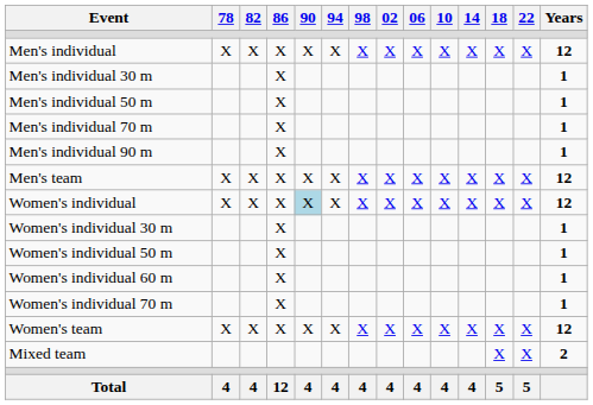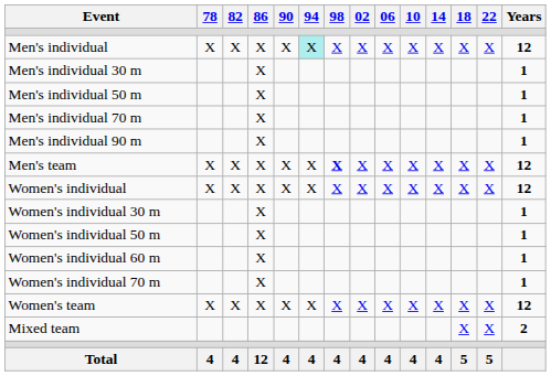 <table class=wikitable style="text-align:center">
 <tr>
 <th width="200">Event</th>
 <th width=20><a href='#'>78</a></th>
 <th width=20><a href='#'>82</a></th>
 <th width=20><a href='#'>86</a></th>
 <th width=20><a href='#'>90</a></th>
 <th width=20><a href='#'>94</a></th>
 <th width=20><a href='#'>98</a></th>
 <th width=20><a href='#'>02</a></th>
 <th width=20><a href='#'>06</a></th>
 <th width=20><a href='#'>10</a></th>
 <th width=20><a href='#'>14</a></th>
 <th width=20><a href='#'>18</a></th>
 <th width=20><a href='#'>22</a></th>
 <th width=40>Years</th>
 </tr>
 <tr bgcolor=#DDDDDD>
 <td colspan=14></td>
 </tr>
 <tr>
 <td align=left>Men's individual</td>
 <td>X</td>
 <td>X</td>
 <td>X</td>
 <td>X</td>
-<td>X</td>
+<td style="background: paleturquoise;">X</td>
 <td><a href='#'>X</a></td>
 <td><a href='#'>X</a></td>
 <td><a href='#'>X</a></td>
 <td><a href='#'>X</a></td>
 <td><a href='#'>X</a></td>
 <td><a href='#'>X</a></td>
 <td><a href='#'>X</a></td>
 <td><strong>12</strong></td>
 </tr>
 <tr>
 <td align=left>Men's individual 30 m</td>
 <td></td>
 <td></td>
 <td>X</td>
 <td></td>
 <td></td>
 <td></td>
 <td></td>
 <td></td>
 <td></td>
 <td></td>
 <td></td>
 <td></td>
 <td><strong>1</strong></td>
 </tr>
 <tr>
 <td align=left>Men's individual 50 m</td>
 <td></td>
 <td></td>
 <td>X</td>
 <td></td>
 <td></td>
 <td></td>
 <td></td>
 <td></td>
 <td></td>
 <td></td>
 <td></td>
 <td></td>
 <td><strong>1</strong></td>
 </tr>
 <tr>
 <td align=left>Men's individual 70 m</td>
 <td></td>
 <td></td>
 <td>X</td>
 <td></td>
 <td></td>
 <td></td>
 <td></td>
 <td></td>
 <td></td>
 <td></td>
 <td></td>
 <td></td>
 <td><strong>1</strong></td>
 </tr>
 <tr>
 <td align=left>Men's individual 90 m</td>
 <td></td>
 <td></td>
 <td>X</td>
 <td></td>
 <td></td>
 <td></td>
 <td></td>
 <td></td>
 <td></td>
 <td></td>
 <td></td>
 <td></td>
 <td><strong>1</strong></td>
 </tr>
 <tr>
 <td align=left>Men's team</td>
 <td>X</td>
 <td>X</td>
 <td>X</td>
 <td>X</td>
 <td>X</td>
-<td><a href='#'>X</a></td>
+<td><strong><a href='#'>X</a></strong></td>
 <td><a href='#'>X</a></td>
 <td><a href='#'>X</a></td>
 <td><a href='#'>X</a></td>
 <td><a href='#'>X</a></td>
 <td><a href='#'>X</a></td>
 <td><a href='#'>X</a></td>
 <td><strong>12</strong></td>
 </tr>
 <tr>
 <td align=left>Women's individual</td>
 <td>X</td>
 <td>X</td>
 <td>X</td>
-<td style="background: lightblue;">X</td>
+<td>X</td>
 <td>X</td>
 <td><a href='#'>X</a></td>
 <td><a href='#'>X</a></td>
 <td><a href='#'>X</a></td>
 <td><a href='#'>X</a></td>
 <td><a href='#'>X</a></td>
 <td><a href='#'>X</a></td>
 <td><a href='#'>X</a></td>
 <td><strong>12</strong></td>
 </tr>
 <tr>
 <td align=left>Women's individual 30 m</td>
 <td></td>
 <td></td>
 <td>X</td>
 <td></td>
 <td></td>
 <td></td>
 <td></td>
 <td></td>
 <td></td>
 <td></td>
 <td></td>
 <td></td>
 <td><strong>1</strong></td>
 </tr>
 <tr>
 <td align=left>Women's individual 50 m</td>
 <td></td>
 <td></td>
 <td>X</td>
 <td></td>
 <td></td>
 <td></td>
 <td></td>
 <td></td>
 <td></td>
 <td></td>
 <td></td>
 <td></td>
 <td><strong>1</strong></td>
 </tr>
 <tr>
 <td align=left>Women's individual 60 m</td>
 <td></td>
 <td></td>
 <td>X</td>
 <td></td>
 <td></td>
 <td></td>
 <td></td>
 <td></td>
 <td></td>
 <td></td>
 <td></td>
 <td></td>
 <td><strong>1</strong></td>
 </tr>
 <tr>
 <td align=left>Women's individual 70 m</td>
 <td></td>
 <td></td>
 <td>X</td>
 <td></td>
 <td></td>
 <td></td>
 <td></td>
 <td></td>
 <td></td>
 <td></td>
 <td></td>
 <td></td>
 <td><strong>1</strong></td>
 </tr>
 <tr>
 <td align=left>Women's team</td>
 <td>X</td>
 <td>X</td>
 <td>X</td>
 <td>X</td>
 <td>X</td>
 <td><a href='#'>X</a></td>
 <td><a href='#'>X</a></td>
 <td><a href='#'>X</a></td>
 <td><a href='#'>X</a></td>
 <td><a href='#'>X</a></td>
 <td><a href='#'>X</a></td>
 <td><a href='#'>X</a></td>
 <td><strong>12</strong></td>
 </tr>
 <tr>
 <td align=left>Mixed team</td>
 <td></td>
 <td></td>
 <td></td>
 <td></td>
 <td></td>
 <td></td>
 <td></td>
 <td></td>
 <td></td>
 <td></td>
 <td><a href='#'>X</a></td>
 <td><a href='#'>X</a></td>
 <td><strong>2</strong></td>
 </tr>
 <tr bgcolor=#DDDDDD>
 <td colspan=14></td>
 </tr>
 <tr>
 <th>Total</th>
 <th>4</th>
 <th>4</th>
 <th>12</th>
 <th>4</th>
 <th>4</th>
 <th>4</th>
 <th>4</th>
 <th>4</th>
 <th>4</th>
 <th>4</th>
 <th>5</th>
 <th>5</th>
 <th></th>
 </tr>
 </table>
